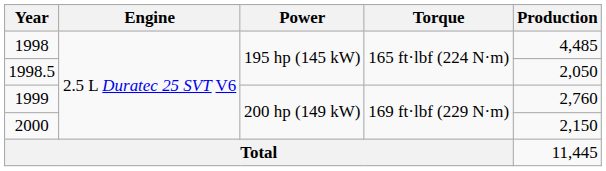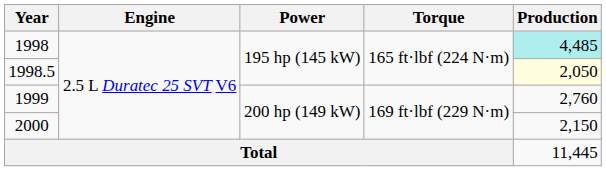 <table class=wikitable>
 <tr>
 <th>Year</th>
 <th>Engine</th>
 <th>Power</th>
 <th>Torque</th>
 <th>Production</th>
 </tr>
 <tr align=center>
 <td>1998</td>
 <td rowspan=4>2.5 L <em><a href='#'>Duratec 25 SVT</a></em> <a href='#'>V6</a></td>
 <td rowspan=2>195 hp (145 kW)</td>
 <td rowspan=2>165 ft·lbf (224 N·m)</td>
-<td align=right>4,485</td>
+<td align=right style="background: paleturquoise;">4,485</td>
 </tr>
 <tr align=center>
 <td>1998.5</td>
-<td align=right>2,050</td>
+<td align=right style="background: lightyellow;">2,050</td>
 </tr>
 <tr align=center>
 <td>1999</td>
 <td rowspan=2>200 hp (149 kW)</td>
 <td rowspan=2>169 ft·lbf (229 N·m)</td>
 <td align=right>2,760</td>
 </tr>
 <tr align=center>
 <td>2000</td>
 <td align=right>2,150</td>
 </tr>
 <tr align=right>
 <th colspan=4>Total</th>
 <td>11,445</td>
 </tr>
 </table>
